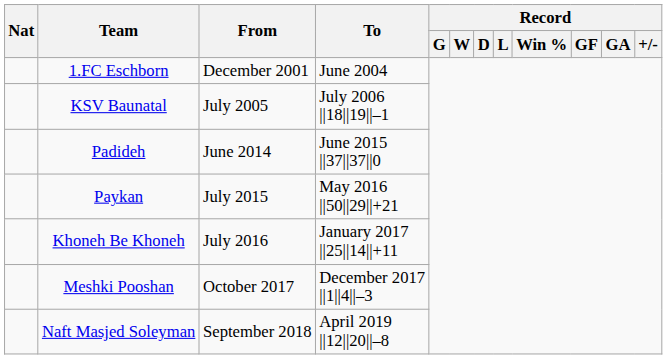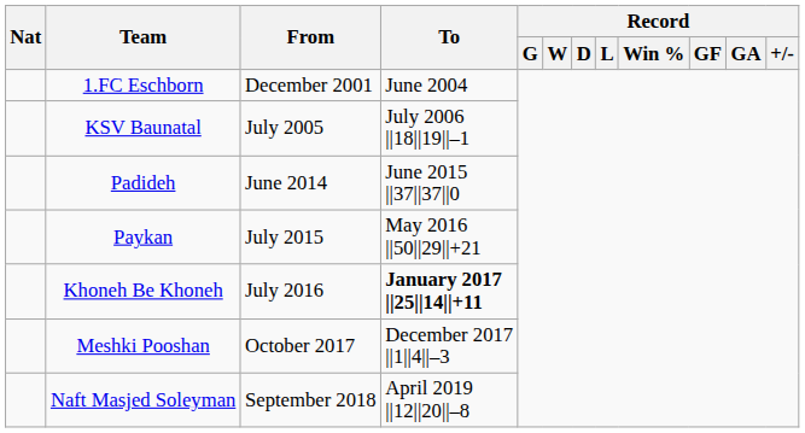 <table class="wikitable" style="text-align: center">
 <tr>
 <th rowspan="2">Nat</th>
 <th rowspan="2">Team</th>
 <th rowspan="2">From</th>
 <th rowspan="2">To</th>
 <th colspan="8">Record</th>
 </tr>
 <tr>
 <th>G</th>
 <th>W</th>
 <th>D</th>
 <th>L</th>
 <th>Win %</th>
 <th>GF</th>
 <th>GA</th>
 <th>+/-</th>
 </tr>
 <tr>
 <td></td>
 <td><a href='#'>1.FC Eschborn</a></td>
 <td align="left">December 2001</td>
 <td align="left">June 2004<br></td>
 </tr>
 <tr>
 <td></td>
 <td><a href='#'>KSV Baunatal</a></td>
 <td align="left">July 2005</td>
 <td align="left">July 2006<br> ||18||19||–1</td>
 </tr>
 <tr>
 <td></td>
 <td><a href='#'>Padideh</a></td>
 <td align="left">June 2014</td>
 <td align="left">June 2015<br> ||37||37||0</td>
 </tr>
 <tr>
 <td></td>
 <td><a href='#'>Paykan</a></td>
 <td align="left">July 2015</td>
 <td align="left">May 2016<br> ||50||29||+21</td>
 </tr>
 <tr>
 <td></td>
 <td><a href='#'>Khoneh Be Khoneh</a></td>
 <td align="left">July 2016</td>
-<td align="left">January 2017<br> ||25||14||+11</td>
+<td align="left"><strong>January 2017<br> ||25||14||+11</strong></td>
 </tr>
 <tr>
 <td></td>
 <td><a href='#'>Meshki Pooshan</a></td>
 <td align="left">October 2017</td>
 <td align="left">December 2017<br> ||1||4||–3</td>
 </tr>
 <tr>
 <td></td>
 <td><a href='#'>Naft Masjed Soleyman</a></td>
 <td align="left">September 2018</td>
 <td align="left">April 2019<br> ||12||20||–8</td>
 </tr>
 </table>
